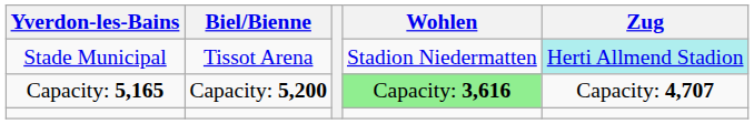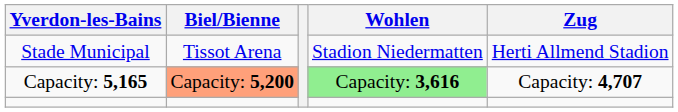 <table class="wikitable" style="margin:1em auto; text-align:center;">
 <tr>
 <th><a href='#'>Yverdon-les-Bains</a></th>
 <th><a href='#'>Biel/Bienne</a></th>
 <th rowspan=6 text-align="center"></th>
 <th><a href='#'>Wohlen</a></th>
 <th><a href='#'>Zug</a></th>
 </tr>
 <tr>
 <td><a href='#'>Stade Municipal</a></td>
 <td><a href='#'>Tissot Arena</a></td>
 <td><a href='#'>Stadion Niedermatten</a></td>
-<td style="background: paleturquoise;"><a href='#'>Herti Allmend Stadion</a></td>
+<td><a href='#'>Herti Allmend Stadion</a></td>
 </tr>
 <tr>
 <td>Capacity: <strong>5,165</strong></td>
-<td>Capacity: <strong>5,200</strong></td>
+<td style="background: lightsalmon;">Capacity: <strong>5,200</strong></td>
 <td style="background: lightgreen;">Capacity: <strong>3,616</strong></td>
 <td>Capacity: <strong>4,707</strong></td>
 </tr>
 <tr>
 <td></td>
 <td></td>
 <td></td>
 <td></td>
 </tr>
 </table>
